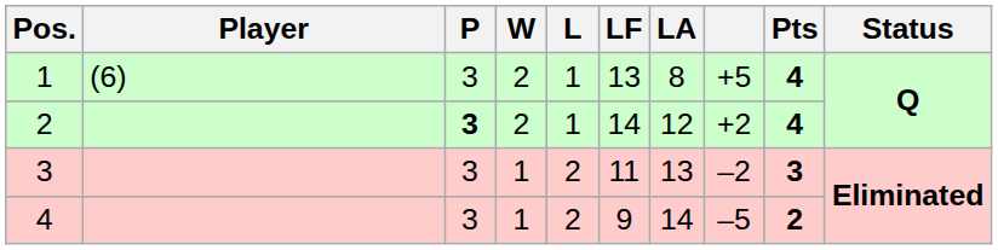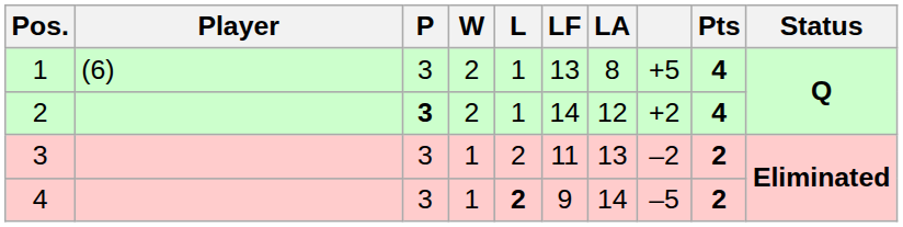 <table class="wikitable" style="text-align:center; margin: 1em auto 1em auto, align:left">
 <tr>
 <th width=20>Pos.</th>
 <th width=185>Player</th>
 <th width=20>P</th>
 <th width=20>W</th>
 <th width=20>L</th>
 <th width=20>LF</th>
 <th width=20>LA</th>
 <th width=25></th>
 <th width=20>Pts</th>
 <th width=70>Status</th>
 </tr>
 <tr style="background:#CCFFCC;">
 <td>1</td>
 <td style="text-align:left"> (6)</td>
 <td>3</td>
 <td>2</td>
 <td>1</td>
 <td>13</td>
 <td>8</td>
 <td>+5</td>
 <td><strong>4</strong></td>
 <td rowspan=2><strong>Q</strong></td>
 </tr>
 <tr style="background:#CCFFCC;">
 <td>2</td>
 <td style="text-align:left"></td>
 <td><strong>3</strong></td>
 <td>2</td>
 <td>1</td>
 <td>14</td>
 <td>12</td>
 <td>+2</td>
 <td><strong>4</strong></td>
 </tr>
 <tr style="background:#FFCCCC;">
 <td>3</td>
 <td style="text-align:left"></td>
 <td>3</td>
 <td>1</td>
 <td>2</td>
 <td>11</td>
 <td>13</td>
 <td>–2</td>
-<td><strong>3</strong></td>
+<td><strong>2</strong></td>
 <td rowspan=2><strong>Eliminated</strong></td>
 </tr>
 <tr style="background:#FFCCCC;">
 <td>4</td>
 <td style="text-align:left"></td>
 <td>3</td>
 <td>1</td>
-<td>2</td>
+<td><strong>2</strong></td>
 <td>9</td>
 <td>14</td>
 <td>–5</td>
 <td><strong>2</strong></td>
 </tr>
 </table>
